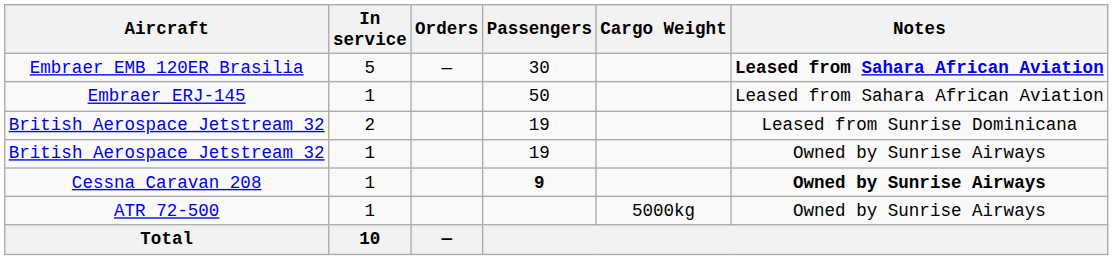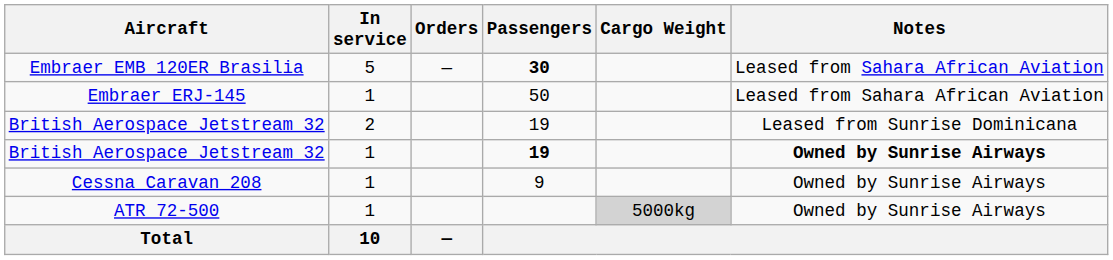 <table class="wikitable" style="margin:0.5em auto; text-align:center">
 <tr>
 <th>Aircraft</th>
 <th>In <br> service</th>
 <th>Orders</th>
 <th>Passengers</th>
 <th>Cargo Weight</th>
 <th>Notes</th>
 </tr>
 <tr>
 <td><a href='#'>Embraer EMB 120ER Brasilia</a></td>
 <td>5</td>
 <td>—</td>
-<td>30</td>
+<td><strong>30</strong></td>
 <td></td>
-<td><strong>Leased from <a href='#'>Sahara African Aviation</a></strong></td>
+<td>Leased from <a href='#'>Sahara African Aviation</a></td>
 </tr>
 <tr>
 <td><a href='#'>Embraer ERJ-145</a></td>
 <td>1</td>
 <td></td>
 <td>50</td>
 <td></td>
 <td>Leased from Sahara African Aviation</td>
 </tr>
 <tr>
 <td><a href='#'>British Aerospace Jetstream 32</a></td>
 <td>2</td>
 <td></td>
 <td>19</td>
 <td></td>
 <td>Leased from Sunrise Dominicana</td>
 </tr>
 <tr>
 <td><a href='#'>British Aerospace Jetstream 32</a></td>
 <td>1</td>
 <td></td>
-<td>19</td>
+<td><strong>19</strong></td>
 <td></td>
-<td>Owned by Sunrise Airways</td>
+<td><strong>Owned by Sunrise Airways</strong></td>
 </tr>
 <tr>
 <td><a href='#'>Cessna Caravan 208</a></td>
 <td>1</td>
 <td></td>
-<td><strong>9</strong></td>
+<td>9</td>
 <td></td>
-<td><strong>Owned by Sunrise Airways</strong></td>
+<td>Owned by Sunrise Airways</td>
 </tr>
 <tr>
 <td><a href='#'>ATR 72-500</a></td>
 <td>1</td>
 <td></td>
 <td></td>
-<td>5000kg</td>
+<td style="background: lightgrey;">5000kg</td>
 <td>Owned by Sunrise Airways</td>
 </tr>
 <tr>
 <th>Total</th>
 <th>10</th>
 <th>—</th>
 <th colspan="3"></th>
 </tr>
 </table>
